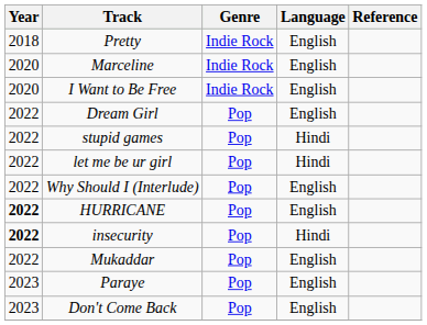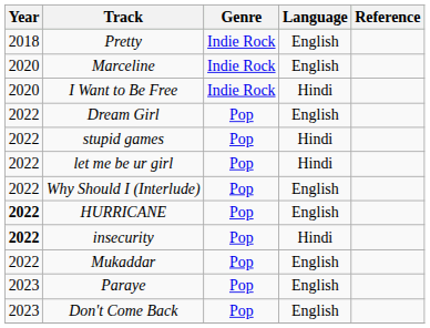 <table class="wikitable" style="text-align:center;">
 <tr style="background:#cfc;">
 <th>Year</th>
 <th>Track</th>
 <th>Genre</th>
 <th>Language</th>
 <th>Reference</th>
 </tr>
 <tr>
 <td>2018</td>
 <td><em> Pretty</em></td>
 <td><a href='#'>Indie Rock</a></td>
 <td>English</td>
 <td></td>
 </tr>
 <tr>
 <td>2020</td>
 <td><em> Marceline</em></td>
 <td><a href='#'>Indie Rock</a></td>
 <td>English</td>
 <td></td>
 </tr>
 <tr>
 <td>2020</td>
 <td><em> I Want to Be Free</em></td>
 <td><a href='#'>Indie Rock</a></td>
-<td>English</td>
+<td>Hindi</td>
 <td></td>
 </tr>
 <tr>
 <td>2022</td>
 <td><em>Dream Girl</em></td>
 <td><a href='#'>Pop</a></td>
 <td>English</td>
 <td></td>
 </tr>
 <tr>
 <td>2022</td>
 <td><em>stupid games</em></td>
 <td><a href='#'>Pop</a></td>
 <td>Hindi</td>
 <td></td>
 </tr>
 <tr>
 <td>2022</td>
 <td><em>let me be ur girl</em></td>
 <td><a href='#'>Pop</a></td>
 <td>Hindi</td>
 <td></td>
 </tr>
 <tr>
 <td>2022</td>
 <td><em>Why Should I (Interlude)</em></td>
 <td><a href='#'>Pop</a></td>
 <td>English</td>
 <td></td>
 </tr>
 <tr>
 <td><strong>2022</strong></td>
 <td><em>HURRICANE</em></td>
 <td><a href='#'>Pop</a></td>
 <td>English</td>
 <td></td>
 </tr>
 <tr>
 <td><strong>2022</strong></td>
 <td><em>insecurity</em></td>
 <td><a href='#'>Pop</a></td>
 <td>Hindi</td>
 <td></td>
 </tr>
 <tr>
 <td>2022</td>
 <td><em>Mukaddar</em></td>
 <td><a href='#'>Pop</a></td>
 <td>English</td>
 <td></td>
 </tr>
 <tr>
 <td>2023</td>
 <td><em>Paraye</em></td>
 <td><a href='#'>Pop</a></td>
 <td>English</td>
 <td></td>
 </tr>
 <tr>
 <td>2023</td>
 <td><em>Don't Come Back</em></td>
 <td><a href='#'>Pop</a></td>
 <td>English</td>
 <td></td>
 </tr>
 <tr>
 </tr>
 </table>
